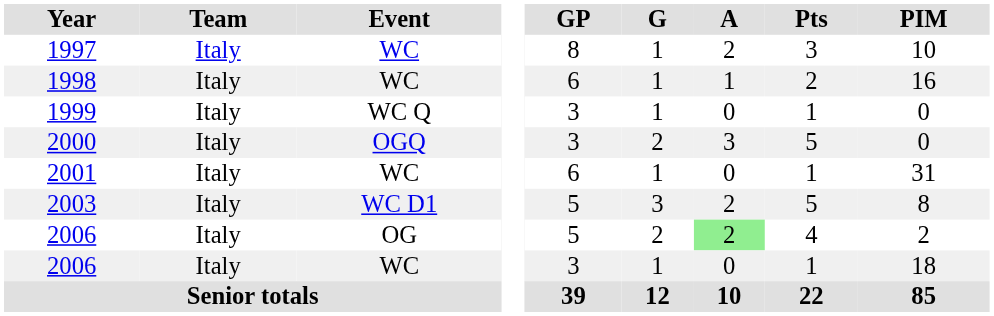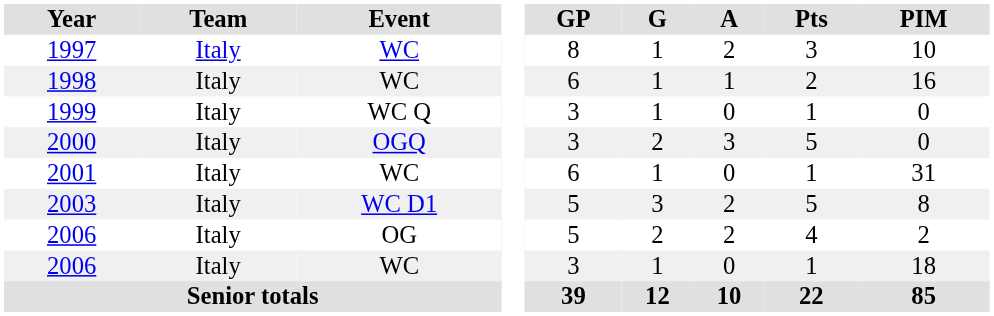 <table border="0" cellpadding="1" cellspacing="0" style="text-align:center; width:40em">
 <tr ALIGN="center" bgcolor="#e0e0e0">
 <th>Year</th>
 <th>Team</th>
 <th>Event</th>
 <th ALIGN="center" rowspan="99" bgcolor="#ffffff"> </th>
 <th>GP</th>
 <th>G</th>
 <th>A</th>
 <th>Pts</th>
 <th>PIM</th>
 </tr>
 <tr>
 <td><a href='#'>1997</a></td>
 <td><a href='#'>Italy</a></td>
 <td><a href='#'>WC</a></td>
 <td>8</td>
 <td>1</td>
 <td>2</td>
 <td>3</td>
 <td>10</td>
 </tr>
 <tr bgcolor="#f0f0f0">
 <td><a href='#'>1998</a></td>
 <td>Italy</td>
 <td>WC</td>
 <td>6</td>
 <td>1</td>
 <td>1</td>
 <td>2</td>
 <td>16</td>
 </tr>
 <tr>
 <td><a href='#'>1999</a></td>
 <td>Italy</td>
 <td>WC Q</td>
 <td>3</td>
 <td>1</td>
 <td>0</td>
 <td>1</td>
 <td>0</td>
 </tr>
 <tr bgcolor="#f0f0f0">
 <td><a href='#'>2000</a></td>
 <td>Italy</td>
 <td><a href='#'>OGQ</a></td>
 <td>3</td>
 <td>2</td>
 <td>3</td>
 <td>5</td>
 <td>0</td>
 </tr>
 <tr>
 <td><a href='#'>2001</a></td>
 <td>Italy</td>
 <td>WC</td>
 <td>6</td>
 <td>1</td>
 <td>0</td>
 <td>1</td>
 <td>31</td>
 </tr>
 <tr bgcolor="#f0f0f0">
 <td><a href='#'>2003</a></td>
 <td>Italy</td>
 <td><a href='#'>WC D1</a></td>
 <td>5</td>
 <td>3</td>
 <td>2</td>
 <td>5</td>
 <td>8</td>
 </tr>
 <tr>
 <td><a href='#'>2006</a></td>
 <td>Italy</td>
 <td>OG</td>
 <td>5</td>
 <td>2</td>
-<td style="background: lightgreen;">2</td>
+<td>2</td>
 <td>4</td>
 <td>2</td>
 </tr>
 <tr bgcolor="#f0f0f0">
 <td><a href='#'>2006</a></td>
 <td>Italy</td>
 <td>WC</td>
 <td>3</td>
 <td>1</td>
 <td>0</td>
 <td>1</td>
 <td>18</td>
 </tr>
 <tr bgcolor="#e0e0e0">
 <th colspan="3">Senior totals</th>
 <th>39</th>
 <th>12</th>
 <th>10</th>
 <th>22</th>
 <th>85</th>
 </tr>
 </table>
